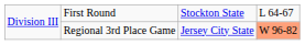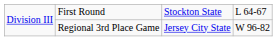 <table class="wikitable">
 <tr>
 <td rowspan="2"><a href='#'>Division III</a></td>
 <td>First Round</td>
 <td><a href='#'>Stockton State</a></td>
 <td>L 64-67</td>
 </tr>
 <tr>
 <td>Regional 3rd Place Game</td>
 <td><a href='#'>Jersey City State</a></td>
-<td style="background: lightsalmon;">W 96-82</td>
+<td>W 96-82</td>
 </tr>
 </table>
